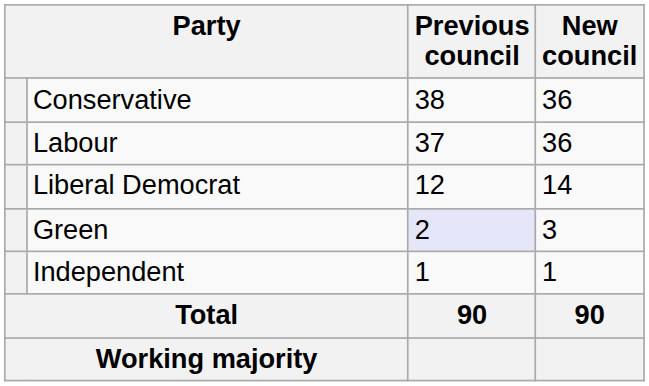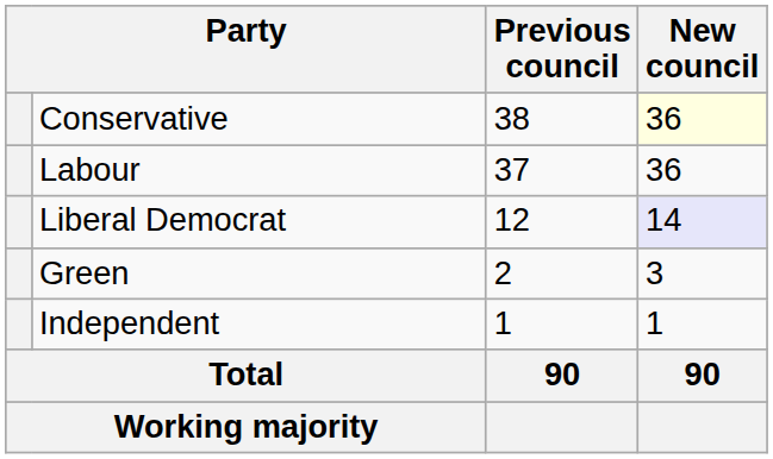 <table class="wikitable">
 <tr>
 <th valign=top colspan="2" style="width: 230px">Party</th>
 <th valign=top style="width: 30px">Previous council</th>
 <th valign=top style="width: 30px">New council</th>
 </tr>
 <tr>
 <th style="background-color: "></th>
 <td>Conservative</td>
 <td>38</td>
-<td>36</td>
+<td style="background: lightyellow;">36</td>
 </tr>
 <tr>
 <th style="background-color: "></th>
 <td>Labour</td>
 <td>37</td>
 <td>36</td>
 </tr>
 <tr>
 <th style="background-color: "></th>
 <td>Liberal Democrat</td>
 <td>12</td>
-<td>14</td>
+<td style="background: lavender;">14</td>
 </tr>
 <tr>
 <th style="background-color: "></th>
 <td>Green</td>
-<td style="background: lavender;">2</td>
+<td>2</td>
 <td>3</td>
 </tr>
 <tr>
 <th style="background-color: "></th>
 <td>Independent</td>
 <td>1</td>
 <td>1</td>
 </tr>
 <tr>
 <th colspan=2>Total</th>
 <th style="text-align: center">90</th>
 <th colspan=3>90</th>
 </tr>
 <tr>
 <th colspan=2>Working majority</th>
 <th></th>
 <th></th>
 </tr>
 </table>
